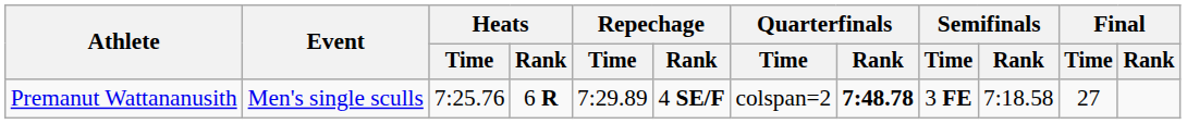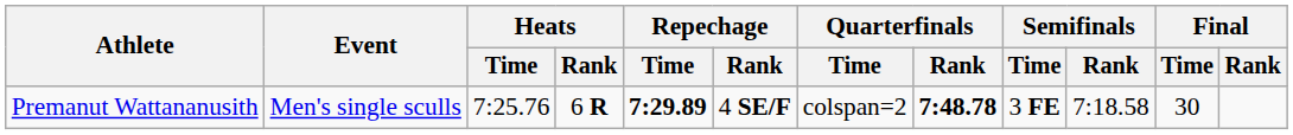 <table class=wikitable style=font-size:90%;text-align:center>
 <tr>
 <th rowspan=2>Athlete</th>
 <th rowspan=2>Event</th>
 <th colspan=2>Heats</th>
 <th colspan=2>Repechage</th>
 <th colspan=2>Quarterfinals</th>
 <th colspan=2>Semifinals</th>
 <th colspan=2>Final</th>
 </tr>
 <tr style=font-size:95%>
 <th>Time</th>
 <th>Rank</th>
 <th>Time</th>
 <th>Rank</th>
 <th>Time</th>
 <th>Rank</th>
 <th>Time</th>
 <th>Rank</th>
 <th>Time</th>
 <th>Rank</th>
 </tr>
 <tr>
 <td align=left><a href='#'>Premanut Wattananusith</a></td>
 <td align=left><a href='#'>Men's single sculls</a></td>
 <td>7:25.76</td>
 <td>6 <strong>R</strong></td>
-<td>7:29.89</td>
+<td><strong>7:29.89</strong></td>
 <td>4 <strong>SE/F</strong></td>
 <td>colspan=2 </td>
 <td><strong>7:48.78</strong></td>
 <td>3 <strong>FE</strong></td>
 <td>7:18.58</td>
-<td>27</td>
+<td>30</td>
 </tr>
 </table>
